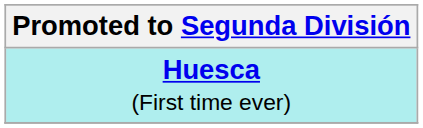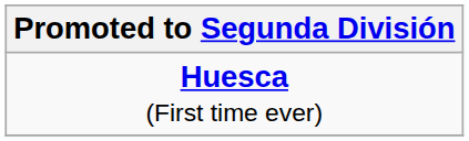 <table class="wikitable" style="text-align: center; margin: 0 auto;">
 <tr>
 <th colspan="2">Promoted to <a href='#'>Segunda División</a></th>
 </tr>
 <tr>
-<td style="background: paleturquoise;"><strong><a href='#'>Huesca</a></strong><br><small>(First time ever)</small></td>
+<td><strong><a href='#'>Huesca</a></strong><br><small>(First time ever)</small></td>
 </tr>
 <tr>
 </tr>
 </table>
